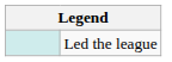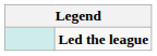 <table class="wikitable">
 <tr>
 <th colspan="3">Legend</th>
 </tr>
 <tr>
 <td style="background:#cfecec; width:3em;"></td>
-<td>Led the league</td>
+<td><strong>Led the league</strong></td>
 </tr>
 </table>
